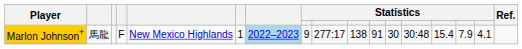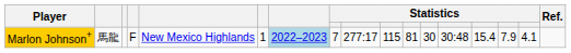 <table class="wikitable sortable" style="font-size:95%; text-align:right;">
 <tr>
 <th rowspan="2">Player</th>
 <th rowspan="2"></th>
 <th rowspan="2"></th>
 <th rowspan="2"></th>
 <th rowspan="2"></th>
 <th rowspan="2"></th>
 <th rowspan="2"></th>
 <th colspan="9">Statistics</th>
 <th rowspan="2">Ref.</th>
 </tr>
 <tr>
 <th></th>
 <th></th>
 <th></th>
 <th></th>
 <th></th>
 <th></th>
 <th></th>
 <th></th>
 <th></th>
 </tr>
 <tr>
 <td align="left" bgcolor="#FFCC00">Marlon Johnson<sup>+</sup></td>
 <td align="left">馬龍</td>
 <td align="center"></td>
 <td align="center">F</td>
 <td align="left"><a href='#'>New Mexico Highlands</a></td>
 <td align="center">1</td>
 <td align="center" style="background: lightblue;"><a href='#'>2022–2023</a></td>
-<td>9</td>
+<td>7</td>
 <td>277:17</td>
-<td>138</td>
-<td>91</td>
+<td>115</td>
+<td>81</td>
 <td>30</td>
 <td>30:48</td>
 <td>15.4</td>
 <td>7.9</td>
 <td>4.1</td>
 <td align="center"></td>
 </tr>
 </table>
